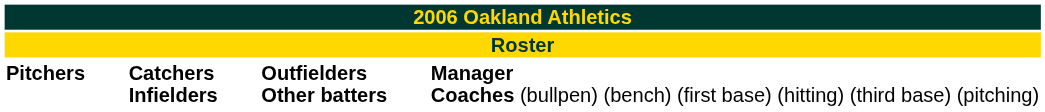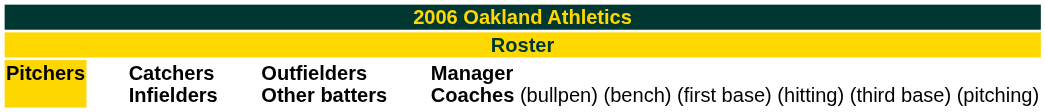 <table class="toccolours" style="font-size: 95%;">
 <tr>
 <th colspan="10" style="background:#003831; color:#ffd800; text-align:center;">2006 Oakland Athletics</th>
 </tr>
 <tr>
 <td colspan="10" style="background:#ffd800; color:#003831; text-align:center;"><strong>Roster</strong></td>
 </tr>
 <tr>
-<td valign="top"><strong>Pitchers</strong><br>                   </td>
+<td valign="top" style="background: gold;"><strong>Pitchers</strong><br>                   </td>
 <td style="width:25px;"></td>
 <td valign="top"><strong>Catchers</strong><br>   <strong>Infielders</strong>          </td>
 <td style="width:25px;"></td>
 <td valign="top"><strong>Outfielders</strong><br>      <strong>Other batters</strong> </td>
 <td style="width:25px;"></td>
 <td valign="top"><strong>Manager</strong><br> <strong>Coaches</strong>  (bullpen)  (bench)  (first base)  (hitting)  (third base)  (pitching)</td>
 </tr>
 </table>
